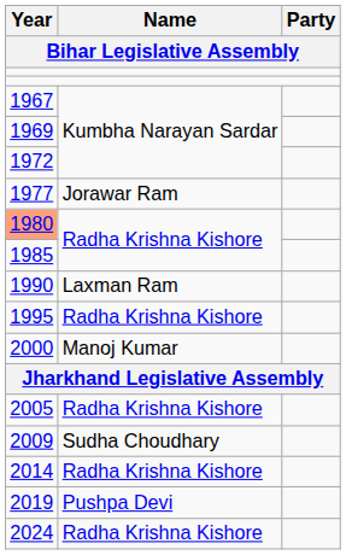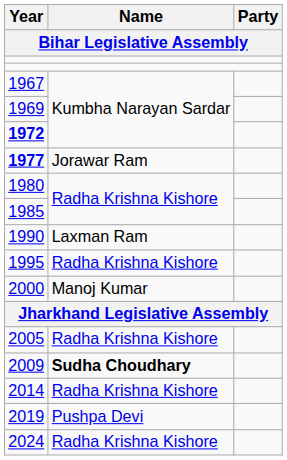 <table class="wikitable sortable">
 <tr>
 <th>Year</th>
 <th>Name</th>
 <th colspan=2>Party</th>
 </tr>
 <tr>
 <th colspan=4><a href='#'>Bihar Legislative Assembly</a></th>
 </tr>
 <tr>
 <td colspan="4"></td>
 </tr>
 <tr>
 <td colspan="4"></td>
 </tr>
 <tr>
 <td><a href='#'>1967</a></td>
 <td rowspan=3>Kumbha Narayan Sardar</td>
 <td></td>
 </tr>
 <tr>
 <td><a href='#'>1969</a></td>
 </tr>
 <tr>
-<td><a href='#'>1972</a></td>
+<td><strong><a href='#'>1972</a></strong></td>
 <td></td>
 </tr>
 <tr>
-<td><a href='#'>1977</a></td>
+<td><strong><a href='#'>1977</a></strong></td>
 <td>Jorawar Ram</td>
 <td></td>
 </tr>
 <tr>
-<td style="background: lightsalmon;"><a href='#'>1980</a></td>
+<td><a href='#'>1980</a></td>
 <td rowspan="2"><a href='#'>Radha Krishna Kishore</a></td>
 <td></td>
 </tr>
 <tr>
 <td><a href='#'>1985</a></td>
 </tr>
 <tr>
 <td><a href='#'>1990</a></td>
 <td>Laxman Ram</td>
 <td></td>
 </tr>
 <tr>
 <td><a href='#'>1995</a></td>
 <td><a href='#'>Radha Krishna Kishore</a></td>
 <td></td>
 </tr>
 <tr>
 <td><a href='#'>2000</a></td>
 <td>Manoj Kumar</td>
 <td></td>
 </tr>
 <tr>
 <th colspan=4><a href='#'>Jharkhand Legislative Assembly</a></th>
 </tr>
 <tr>
 <td><a href='#'>2005</a></td>
 <td><a href='#'>Radha Krishna Kishore</a></td>
 <td></td>
 </tr>
 <tr>
 <td><a href='#'>2009</a></td>
-<td>Sudha Choudhary</td>
+<td><strong>Sudha Choudhary</strong></td>
 </tr>
 <tr>
 <td><a href='#'>2014</a></td>
 <td><a href='#'>Radha Krishna Kishore</a></td>
 <td></td>
 </tr>
 <tr>
 <td><a href='#'>2019</a></td>
 <td><a href='#'>Pushpa Devi</a></td>
 </tr>
 <tr>
 <td><a href='#'>2024</a></td>
 <td><a href='#'>Radha Krishna Kishore</a></td>
 <td></td>
 </tr>
 </table>
